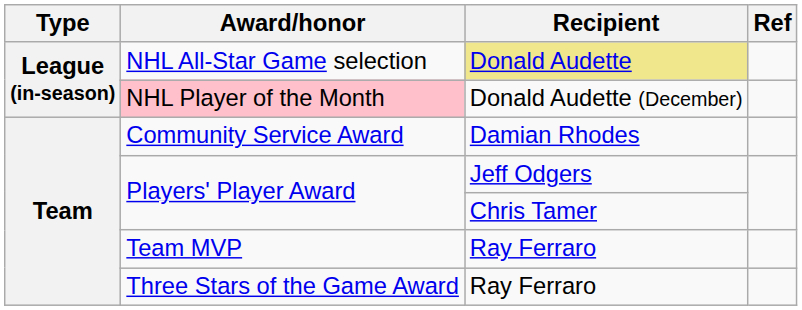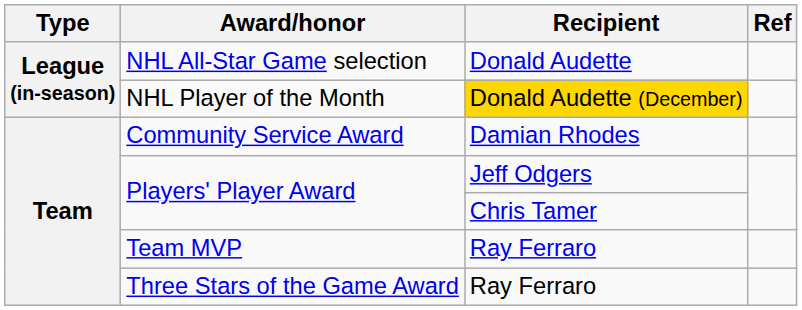 <table class="wikitable">
 <tr>
 <th scope="col">Type</th>
 <th scope="col">Award/honor</th>
 <th scope="col">Recipient</th>
 <th scope="col">Ref</th>
 </tr>
 <tr>
 <th scope="row" rowspan="2">League<br><small>(in-season)</small></th>
 <td><a href='#'>NHL All-Star Game</a> selection</td>
-<td style="background: khaki;"><a href='#'>Donald Audette</a></td>
+<td><a href='#'>Donald Audette</a></td>
 <td></td>
 </tr>
 <tr>
-<td style="background: pink;">NHL Player of the Month</td>
-<td>Donald Audette <small>(December)</small></td>
+<td>NHL Player of the Month</td>
+<td style="background: gold;">Donald Audette <small>(December)</small></td>
 <td></td>
 </tr>
 <tr>
 <th scope="row" rowspan="5">Team</th>
 <td><a href='#'>Community Service Award</a></td>
 <td><a href='#'>Damian Rhodes</a></td>
 <td></td>
 </tr>
 <tr>
 <td rowspan="2"><a href='#'>Players' Player Award</a></td>
 <td><a href='#'>Jeff Odgers</a></td>
 <td rowspan="2"></td>
 </tr>
 <tr>
 <td><a href='#'>Chris Tamer</a></td>
 </tr>
 <tr>
 <td><a href='#'>Team MVP</a></td>
 <td><a href='#'>Ray Ferraro</a></td>
 <td></td>
 </tr>
 <tr>
 <td><a href='#'>Three Stars of the Game Award</a></td>
 <td>Ray Ferraro</td>
 <td></td>
 </tr>
 </table>
